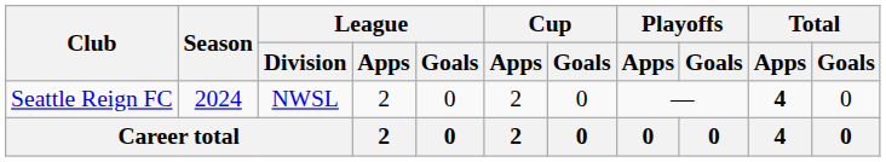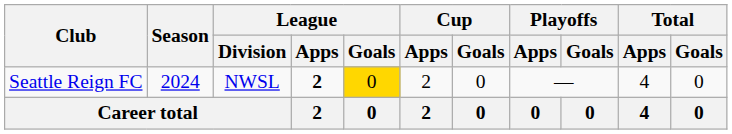 <table class="wikitable" style="text-align: center;">
 <tr>
 <th rowspan="2">Club</th>
 <th rowspan="2">Season</th>
 <th colspan="3">League</th>
 <th colspan="2">Cup</th>
 <th colspan="2">Playoffs</th>
 <th colspan="2">Total</th>
 </tr>
 <tr>
 <th>Division</th>
 <th>Apps</th>
 <th>Goals</th>
 <th>Apps</th>
 <th>Goals</th>
 <th>Apps</th>
 <th>Goals</th>
 <th>Apps</th>
 <th>Goals</th>
 </tr>
 <tr>
 <td><a href='#'>Seattle Reign FC</a></td>
 <td><a href='#'>2024</a></td>
 <td><a href='#'>NWSL</a></td>
-<td>2</td>
-<td>0</td>
+<td><strong>2</strong></td>
+<td style="background: gold;">0</td>
 <td>2</td>
 <td>0</td>
 <td colspan="2">—</td>
-<td><strong>4</strong></td>
+<td>4</td>
 <td>0</td>
 </tr>
 <tr>
 <th colspan="3">Career total</th>
 <th>2</th>
 <th>0</th>
 <th>2</th>
 <th>0</th>
 <th>0</th>
 <th>0</th>
 <th>4</th>
 <th>0</th>
 </tr>
 </table>
